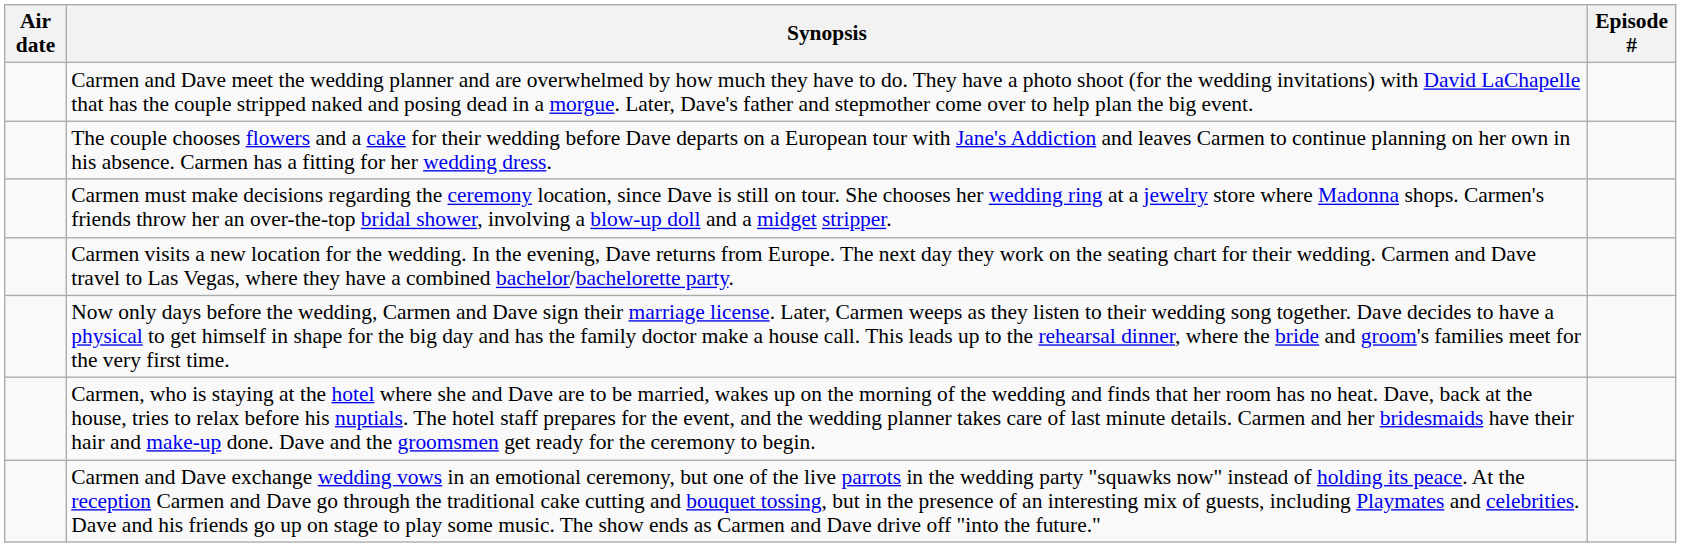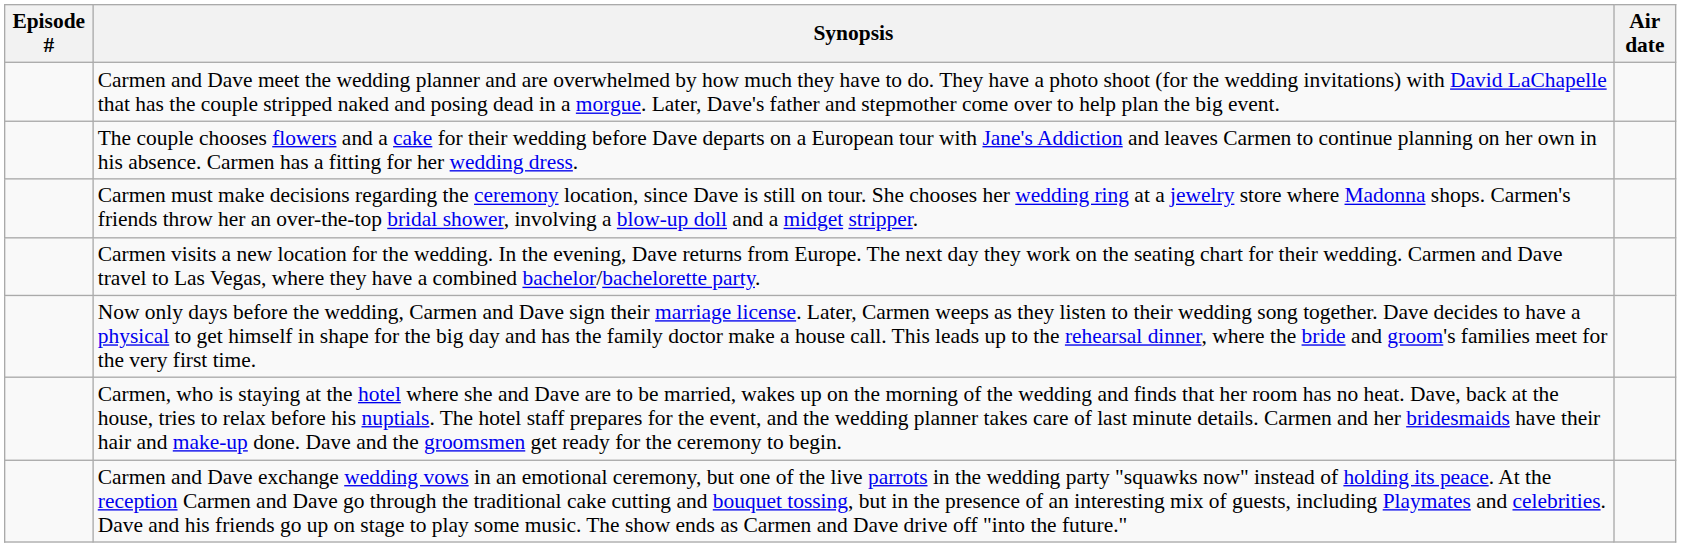 <table class="wikitable">
 <tr>
+<th>Episode #</th>
+<th>Synopsis</th>
 <th>Air date</th>
-<th>Synopsis</th>
-<th>Episode #</th>
 </tr>
 <tr>
 <td></td>
 <td>Carmen and Dave meet the wedding planner and are overwhelmed by how much they have to do. They have a photo shoot (for the wedding invitations) with <a href='#'>David LaChapelle</a> that has the couple stripped naked and posing dead in a <a href='#'>morgue</a>. Later, Dave's father and stepmother come over to help plan the big event.</td>
 <td></td>
 </tr>
 <tr>
 <td></td>
 <td>The couple chooses <a href='#'>flowers</a> and a <a href='#'>cake</a> for their wedding before Dave departs on a European tour with <a href='#'>Jane's Addiction</a> and leaves Carmen to continue planning on her own in his absence. Carmen has a fitting for her <a href='#'>wedding dress</a>.</td>
 <td></td>
 </tr>
 <tr>
 <td></td>
 <td>Carmen must make decisions regarding the <a href='#'>ceremony</a> location, since Dave is still on tour. She chooses her <a href='#'>wedding ring</a> at a <a href='#'>jewelry</a> store where <a href='#'>Madonna</a> shops. Carmen's friends throw her an over-the-top <a href='#'>bridal shower</a>, involving a <a href='#'>blow-up doll</a> and a <a href='#'>midget</a> <a href='#'>stripper</a>.</td>
 <td></td>
 </tr>
 <tr>
 <td></td>
 <td>Carmen visits a new location for the wedding. In the evening, Dave returns from Europe. The next day they work on the seating chart for their wedding. Carmen and Dave travel to Las Vegas, where they have a combined <a href='#'>bachelor</a>/<a href='#'>bachelorette party</a>.</td>
 <td></td>
 </tr>
 <tr>
 <td></td>
 <td>Now only days before the wedding, Carmen and Dave sign their <a href='#'>marriage license</a>. Later, Carmen weeps as they listen to their wedding song together. Dave decides to have a <a href='#'>physical</a> to get himself in shape for the big day and has the family doctor make a house call. This leads up to the <a href='#'>rehearsal dinner</a>, where the <a href='#'>bride</a> and <a href='#'>groom</a>'s families meet for the very first time.</td>
 <td></td>
 </tr>
 <tr>
 <td></td>
 <td>Carmen, who is staying at the <a href='#'>hotel</a> where she and Dave are to be married, wakes up on the morning of the wedding and finds that her room has no heat. Dave, back at the house, tries to relax before his <a href='#'>nuptials</a>. The hotel staff prepares for the event, and the wedding planner takes care of last minute details. Carmen and her <a href='#'>bridesmaids</a> have their hair and <a href='#'>make-up</a> done. Dave and the <a href='#'>groomsmen</a> get ready for the ceremony to begin.</td>
 <td></td>
 </tr>
 <tr>
 <td></td>
 <td>Carmen and Dave exchange <a href='#'>wedding vows</a> in an emotional ceremony, but one of the live <a href='#'>parrots</a> in the wedding party "squawks now" instead of <a href='#'>holding its peace</a>. At the <a href='#'>reception</a> Carmen and Dave go through the traditional cake cutting and <a href='#'>bouquet tossing</a>, but in the presence of an interesting mix of guests, including <a href='#'>Playmates</a> and <a href='#'>celebrities</a>. Dave and his friends go up on stage to play some music. The show ends as Carmen and Dave drive off "into the future."</td>
 <td></td>
 </tr>
 </table>
